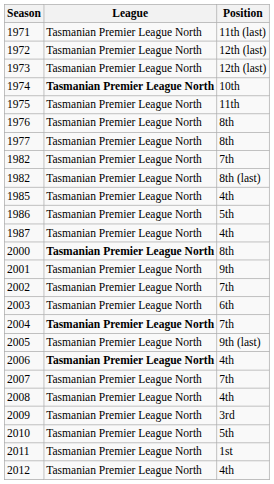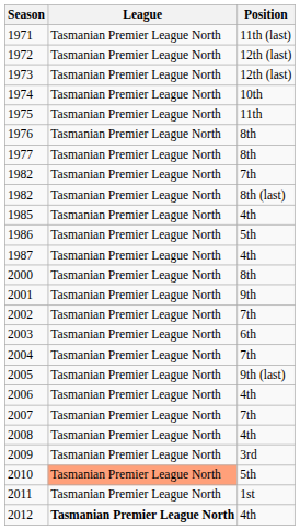 <table class="wikitable">
 <tr>
 <th>Season</th>
 <th>League</th>
 <th>Position</th>
 </tr>
 <tr>
 <td>1971</td>
 <td>Tasmanian Premier League North</td>
 <td>11th (last)</td>
 </tr>
 <tr>
 <td>1972</td>
 <td>Tasmanian Premier League North</td>
 <td>12th (last)</td>
 </tr>
 <tr>
 <td>1973</td>
 <td>Tasmanian Premier League North</td>
 <td>12th (last)</td>
 </tr>
 <tr>
 <td>1974</td>
-<td><strong>Tasmanian Premier League North</strong></td>
+<td>Tasmanian Premier League North</td>
 <td>10th</td>
 </tr>
 <tr>
 <td>1975</td>
 <td>Tasmanian Premier League North</td>
 <td>11th</td>
 </tr>
 <tr>
 <td>1976</td>
 <td>Tasmanian Premier League North</td>
 <td>8th</td>
 </tr>
 <tr>
 <td>1977</td>
 <td>Tasmanian Premier League North</td>
 <td>8th</td>
 </tr>
 <tr>
 <td>1982</td>
 <td>Tasmanian Premier League North</td>
 <td>7th</td>
 </tr>
 <tr>
 <td>1982</td>
 <td>Tasmanian Premier League North</td>
 <td>8th (last)</td>
 </tr>
 <tr>
 <td>1985</td>
 <td>Tasmanian Premier League North</td>
 <td>4th</td>
 </tr>
 <tr>
 <td>1986</td>
 <td>Tasmanian Premier League North</td>
 <td>5th</td>
 </tr>
 <tr>
 <td>1987</td>
 <td>Tasmanian Premier League North</td>
 <td>4th</td>
 </tr>
 <tr>
 <td>2000</td>
-<td><strong>Tasmanian Premier League North</strong></td>
+<td>Tasmanian Premier League North</td>
 <td>8th</td>
 </tr>
 <tr>
 <td>2001</td>
 <td>Tasmanian Premier League North</td>
 <td>9th</td>
 </tr>
 <tr>
 <td>2002</td>
 <td>Tasmanian Premier League North</td>
 <td>7th</td>
 </tr>
 <tr>
 <td>2003</td>
 <td>Tasmanian Premier League North</td>
 <td>6th</td>
 </tr>
 <tr>
 <td>2004</td>
-<td><strong>Tasmanian Premier League North</strong></td>
+<td>Tasmanian Premier League North</td>
 <td>7th</td>
 </tr>
 <tr>
 <td>2005</td>
 <td>Tasmanian Premier League North</td>
 <td>9th (last)</td>
 </tr>
 <tr>
 <td>2006</td>
-<td><strong>Tasmanian Premier League North</strong></td>
+<td>Tasmanian Premier League North</td>
 <td>4th</td>
 </tr>
 <tr>
 <td>2007</td>
 <td>Tasmanian Premier League North</td>
 <td>7th</td>
 </tr>
 <tr>
 <td>2008</td>
 <td>Tasmanian Premier League North</td>
 <td>4th</td>
 </tr>
 <tr>
 <td>2009</td>
 <td>Tasmanian Premier League North</td>
 <td>3rd</td>
 </tr>
 <tr>
 <td>2010</td>
-<td>Tasmanian Premier League North</td>
+<td style="background: lightsalmon;">Tasmanian Premier League North</td>
 <td>5th</td>
 </tr>
 <tr>
 <td>2011</td>
 <td>Tasmanian Premier League North</td>
 <td>1st</td>
 </tr>
 <tr>
 <td>2012</td>
-<td>Tasmanian Premier League North</td>
+<td><strong>Tasmanian Premier League North</strong></td>
 <td>4th</td>
 </tr>
 </table>
